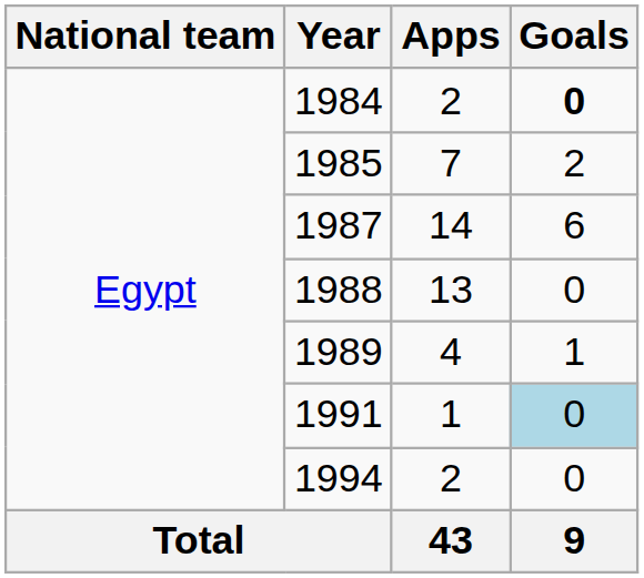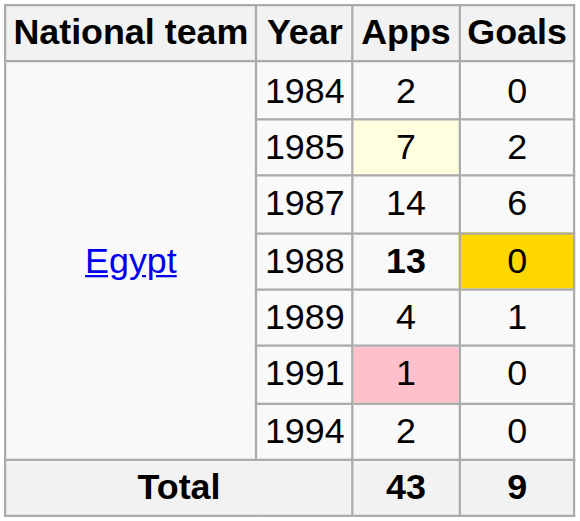 <table class="wikitable" style="text-align:center">
 <tr>
 <th>National team</th>
 <th>Year</th>
 <th>Apps</th>
 <th>Goals</th>
 </tr>
 <tr>
 <td rowspan="7"><a href='#'>Egypt</a></td>
 <td>1984</td>
 <td>2</td>
-<td><strong>0</strong></td>
+<td>0</td>
 </tr>
 <tr>
 <td>1985</td>
-<td>7</td>
+<td style="background: lightyellow;">7</td>
 <td>2</td>
 </tr>
 <tr>
 <td>1987</td>
 <td>14</td>
 <td>6</td>
 </tr>
 <tr>
 <td>1988</td>
-<td>13</td>
-<td>0</td>
+<td><strong>13</strong></td>
+<td style="background: gold;">0</td>
 </tr>
 <tr>
 <td>1989</td>
 <td>4</td>
 <td>1</td>
 </tr>
 <tr>
 <td>1991</td>
-<td>1</td>
-<td style="background: lightblue;">0</td>
+<td style="background: pink;">1</td>
+<td>0</td>
 </tr>
 <tr>
 <td>1994</td>
 <td>2</td>
 <td>0</td>
 </tr>
 <tr>
 <th colspan="2">Total</th>
 <th>43</th>
 <th>9</th>
 </tr>
 </table>
